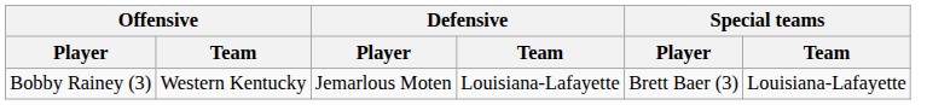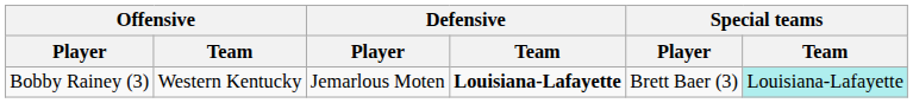 <table class="wikitable">
 <tr>
 <th colspan="2">Offensive</th>
 <th colspan="2">Defensive</th>
 <th colspan="2">Special teams</th>
 </tr>
 <tr>
 <th>Player</th>
 <th>Team</th>
 <th>Player</th>
 <th>Team</th>
 <th>Player</th>
 <th>Team</th>
 </tr>
 <tr>
 <td>Bobby Rainey (3)</td>
 <td>Western Kentucky</td>
 <td>Jemarlous Moten</td>
-<td>Louisiana-Lafayette</td>
+<td><strong>Louisiana-Lafayette</strong></td>
 <td>Brett Baer (3)</td>
-<td>Louisiana-Lafayette</td>
+<td style="background: paleturquoise;">Louisiana-Lafayette</td>
 </tr>
 </table>
